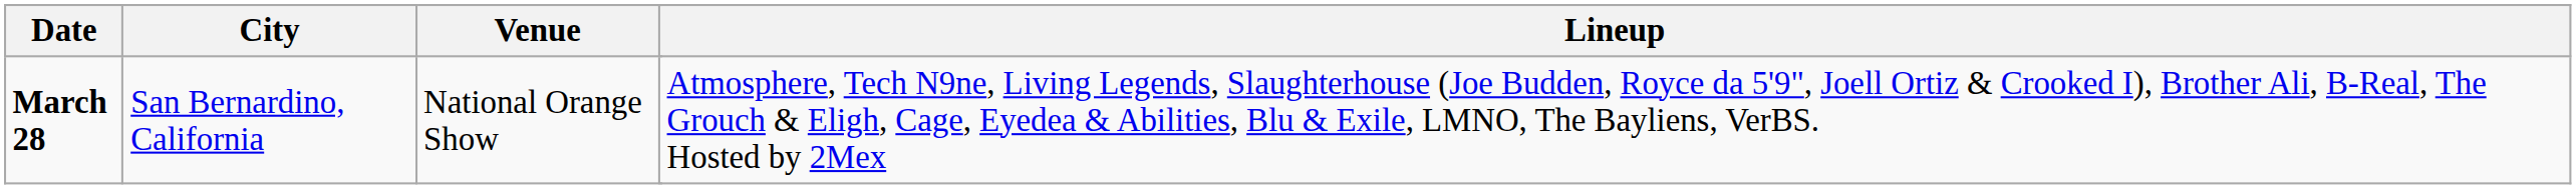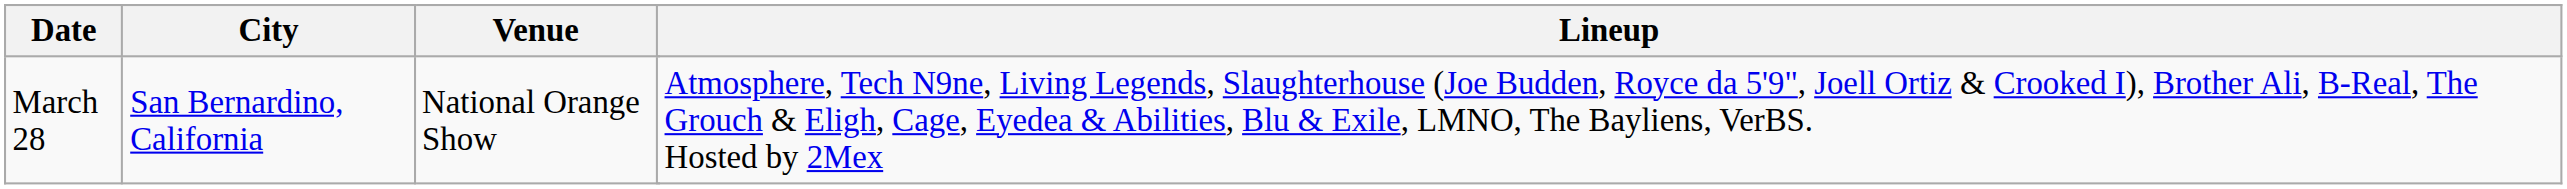 <table class="wikitable">
 <tr>
 <th width=50px>Date</th>
 <th colspan=12>City</th>
 <th colspan=12>Venue</th>
 <th colspan=12>Lineup</th>
 </tr>
 <tr>
-<td><strong>March 28</strong></td>
+<td>March 28</td>
 <td colspan=12><a href='#'>San Bernardino, California</a></td>
 <td colspan=12>National Orange Show</td>
 <td colspan=12><a href='#'>Atmosphere</a>, <a href='#'>Tech N9ne</a>, <a href='#'>Living Legends</a>, <a href='#'>Slaughterhouse</a> (<a href='#'>Joe Budden</a>, <a href='#'>Royce da 5'9"</a>, <a href='#'>Joell Ortiz</a> & <a href='#'>Crooked I</a>), <a href='#'>Brother Ali</a>, <a href='#'>B-Real</a>, <a href='#'>The Grouch</a> & <a href='#'>Eligh</a>, <a href='#'>Cage</a>, <a href='#'>Eyedea & Abilities</a>, <a href='#'>Blu & Exile</a>, LMNO, The Bayliens, VerBS.<br>Hosted by <a href='#'>2Mex</a></td>
 </tr>
 </table>
